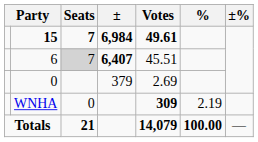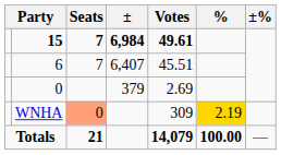 <table class=wikitable>
 <tr>
 <th colspan=2 align=center>Party</th>
 <th valign=top>Seats</th>
 <th valign=top>±</th>
 <th valign=top>Votes</th>
 <th valign=top>%</th>
 <th valign=top>±%</th>
 </tr>
 <tr>
 <td></td>
 <td align=right><strong>15</strong></td>
 <td align=right><strong>7</strong></td>
 <td align=right><strong>6,984</strong></td>
 <td align=right><strong>49.61</strong></td>
 <td align=right></td>
 </tr>
 <tr>
 <td></td>
 <td align=right>6</td>
-<td align=right style="background: lightgrey;">7</td>
-<td align=right><strong>6,407</strong></td>
+<td align=right>7</td>
+<td align=right>6,407</td>
 <td align=right>45.51</td>
 <td align=right></td>
 </tr>
 <tr>
 <td></td>
 <td align=right>0</td>
 <td align=right></td>
 <td align=right>379</td>
 <td align=right>2.69</td>
 <td align=right></td>
 </tr>
 <tr>
 <td></td>
 <td><a href='#'>WNHA</a></td>
-<td align=right>0</td>
+<td align=right style="background: lightsalmon;">0</td>
 <td align=right></td>
-<td align=right><strong>309</strong></td>
-<td align=right>2.19</td>
+<td align=right>309</td>
+<td align=right style="background: gold;">2.19</td>
 <td align=right></td>
 </tr>
 <tr>
 <td colspan=2 align=center><strong>Totals</strong></td>
 <td align=right><strong>21</strong></td>
 <td align=center><strong></strong></td>
 <td align=right><strong>14,079</strong></td>
 <td align=center><strong>100.00</strong></td>
 <td align=center>—</td>
 </tr>
 </table>
